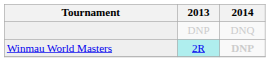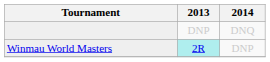 <table class="wikitable" style="width:30%; margin:0">
 <tr>
 <th>Tournament</th>
 <th>2013</th>
 <th>2014</th>
 </tr>
 <tr>
 <td style="background:#efefef;"></td>
 <td style="text-align:center; color:#ccc;">DNP</td>
 <td style="text-align:center; color:#ccc;">DNQ</td>
 </tr>
 <tr>
 <td style="background:#efefef;"><a href='#'>Winmau World Masters</a></td>
 <td style="text-align:center; background:#afeeee;"><a href='#'>2R</a></td>
-<td style="text-align:center; color:#ccc;"><strong>DNP</strong></td>
+<td style="text-align:center; color:#ccc;">DNP</td>
 </tr>
 <tr>
 </tr>
 </table>
